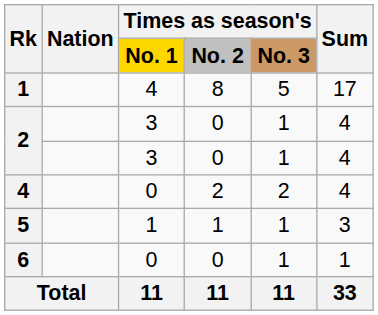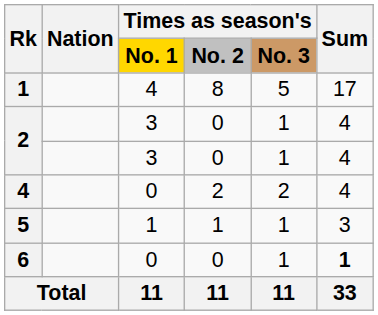 <table class="wikitable sortable" style="text-align: center;">
 <tr>
 <th rowspan="2">Rk</th>
 <th rowspan="2">Nation</th>
 <th colspan="3">Times as season's</th>
 <th rowspan="2">Sum</th>
 </tr>
 <tr>
 <th style="background-color: gold;">No. 1</th>
 <th style="background-color: silver;">No. 2</th>
 <th style="background-color: #cc9966;">No. 3</th>
 </tr>
 <tr>
 <th>1</th>
 <td></td>
 <td>4</td>
 <td>8</td>
 <td>5</td>
 <td>17</td>
 </tr>
 <tr>
 <th rowspan="2">2</th>
 <td></td>
 <td>3</td>
 <td>0</td>
 <td>1</td>
 <td>4</td>
 </tr>
 <tr>
 <td></td>
 <td>3</td>
 <td>0</td>
 <td>1</td>
 <td>4</td>
 </tr>
 <tr>
 <th>4</th>
 <td></td>
 <td>0</td>
 <td>2</td>
 <td>2</td>
 <td>4</td>
 </tr>
 <tr>
 <th>5</th>
 <td></td>
 <td>1</td>
 <td>1</td>
 <td>1</td>
 <td>3</td>
 </tr>
 <tr>
 <th>6</th>
 <td></td>
 <td>0</td>
 <td>0</td>
 <td>1</td>
-<td>1</td>
+<td><strong>1</strong></td>
 </tr>
 <tr class="sortbottom">
 <th colspan="2">Total</th>
 <th>11</th>
 <th>11</th>
 <th>11</th>
 <th>33</th>
 </tr>
 </table>
